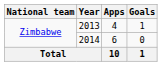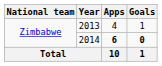 <table class="wikitable" style="text-align:center">
 <tr>
 <th>National team</th>
 <th>Year</th>
 <th>Apps</th>
 <th>Goals</th>
 </tr>
 <tr>
 <td rowspan="2"><a href='#'>Zimbabwe</a></td>
 <td>2013</td>
 <td>4</td>
 <td>1</td>
 </tr>
 <tr>
 <td>2014</td>
-<td>6</td>
-<td>0</td>
+<td><strong>6</strong></td>
+<td><strong>0</strong></td>
 </tr>
 <tr>
 <th colspan=2>Total</th>
 <th>10</th>
 <th>1</th>
 </tr>
 </table>
